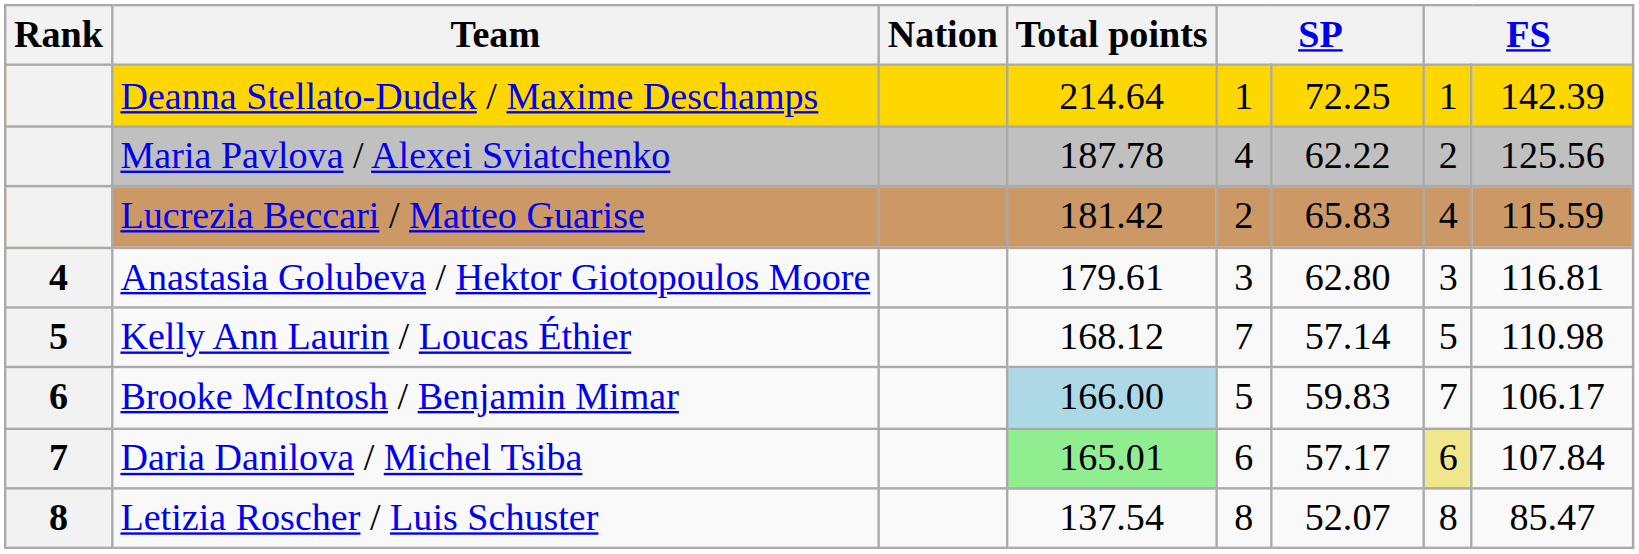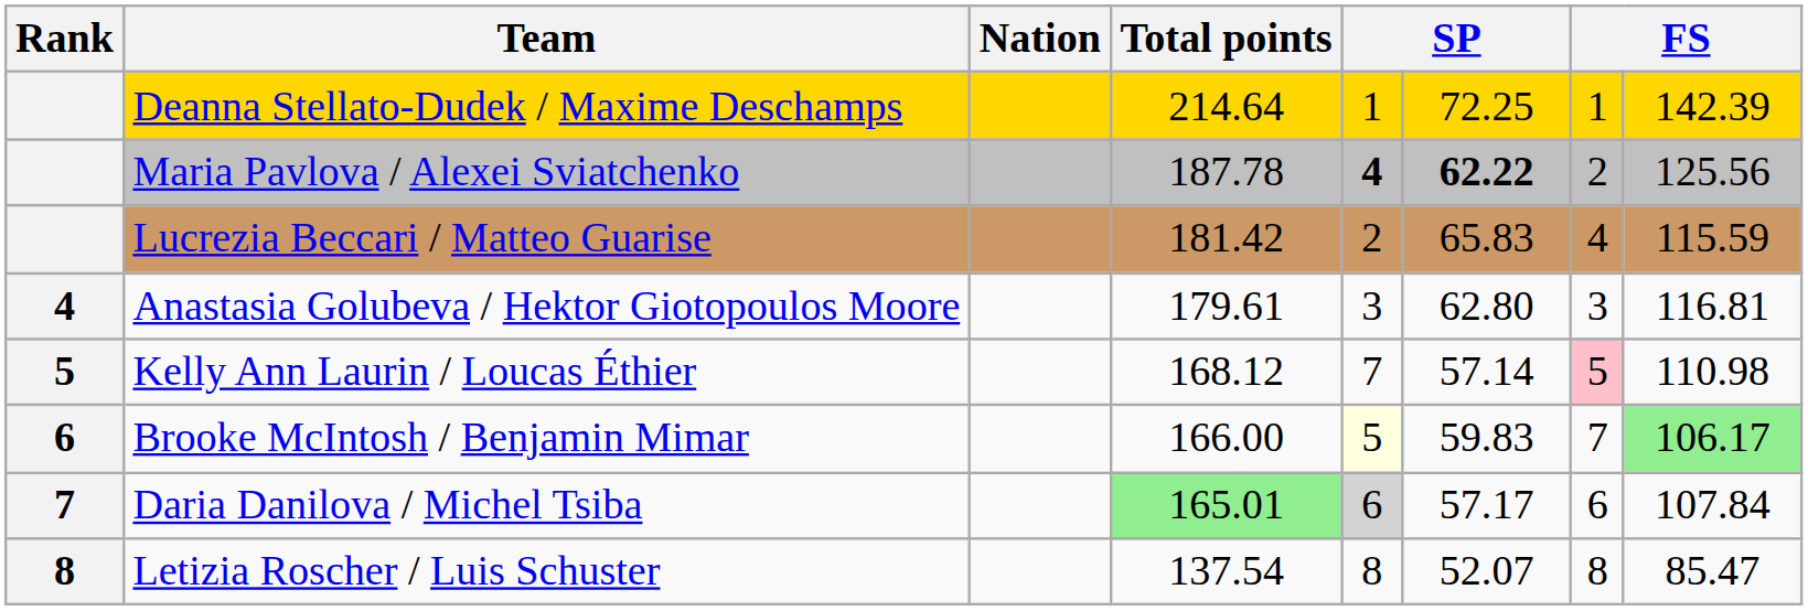 <table class="wikitable sortable" style="text-align:left">
 <tr>
 <th scope="col">Rank</th>
 <th scope="col">Team</th>
 <th scope="col">Nation</th>
 <th scope="col">Total points</th>
 <th scope="col" colspan="2" width="80px"><a href='#'>SP</a></th>
 <th scope="col" colspan="2" width="80px"><a href='#'>FS</a></th>
 </tr>
 <tr bgcolor="gold">
 <th scope="row"></th>
 <td><a href='#'>Deanna Stellato-Dudek</a> / <a href='#'>Maxime Deschamps</a></td>
 <td></td>
 <td align="center">214.64</td>
 <td align="center">1</td>
 <td align="center">72.25</td>
 <td align="center">1</td>
 <td align="center">142.39</td>
 </tr>
 <tr bgcolor="silver">
 <th scope="row"></th>
 <td><a href='#'>Maria Pavlova</a> / <a href='#'>Alexei Sviatchenko</a></td>
 <td></td>
 <td align="center">187.78</td>
-<td align="center">4</td>
-<td align="center">62.22</td>
+<td align="center"><strong>4</strong></td>
+<td align="center"><strong>62.22</strong></td>
 <td align="center">2</td>
 <td align="center">125.56</td>
 </tr>
 <tr bgcolor="cc9966">
 <th scope="row"></th>
 <td><a href='#'>Lucrezia Beccari</a> / <a href='#'>Matteo Guarise</a></td>
 <td></td>
 <td align="center">181.42</td>
 <td align="center">2</td>
 <td align="center">65.83</td>
 <td align="center">4</td>
 <td align="center">115.59</td>
 </tr>
 <tr>
 <th scope="row">4</th>
 <td><a href='#'>Anastasia Golubeva</a> / <a href='#'>Hektor Giotopoulos Moore</a></td>
 <td></td>
 <td align="center">179.61</td>
 <td align="center">3</td>
 <td align="center">62.80</td>
 <td align="center">3</td>
 <td align="center">116.81</td>
 </tr>
 <tr>
 <th scope="row">5</th>
 <td><a href='#'>Kelly Ann Laurin</a> / <a href='#'>Loucas Éthier</a></td>
 <td></td>
 <td align="center">168.12</td>
 <td align="center">7</td>
 <td align="center">57.14</td>
-<td align="center">5</td>
+<td align="center" style="background: pink;">5</td>
 <td align="center">110.98</td>
 </tr>
 <tr>
 <th scope="row">6</th>
 <td><a href='#'>Brooke McIntosh</a> / <a href='#'>Benjamin Mimar</a></td>
 <td></td>
-<td align="center" style="background: lightblue;">166.00</td>
-<td align="center">5</td>
+<td align="center">166.00</td>
+<td align="center" style="background: lightyellow;">5</td>
 <td align="center">59.83</td>
 <td align="center">7</td>
-<td align="center">106.17</td>
+<td align="center" style="background: lightgreen;">106.17</td>
 </tr>
 <tr>
 <th scope="row">7</th>
 <td><a href='#'>Daria Danilova</a> / <a href='#'>Michel Tsiba</a></td>
 <td></td>
 <td align="center" style="background: lightgreen;">165.01</td>
+<td align="center" style="background: lightgrey;">6</td>
+<td align="center">57.17</td>
 <td align="center">6</td>
-<td align="center">57.17</td>
-<td align="center" style="background: khaki;">6</td>
 <td align="center">107.84</td>
 </tr>
 <tr>
 <th scope="row">8</th>
 <td><a href='#'>Letizia Roscher</a> / <a href='#'>Luis Schuster</a></td>
 <td></td>
 <td align="center">137.54</td>
 <td align="center">8</td>
 <td align="center">52.07</td>
 <td align="center">8</td>
 <td align="center">85.47</td>
 </tr>
 </table>
